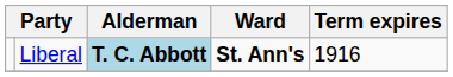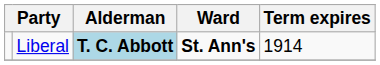 <table class="wikitable">
 <tr>
 <th colspan="2">Party</th>
 <th>Alderman</th>
 <th>Ward</th>
 <th>Term expires</th>
 </tr>
 <tr>
 <td style="background-color:"></td>
 <td><a href='#'>Liberal</a></td>
 <td style="background: lightblue;"><strong>T. C. Abbott</strong></td>
 <td><strong>St. Ann's</strong></td>
-<td>1916</td>
+<td>1914</td>
 </tr>
 <tr>
 </tr>
 </table>
